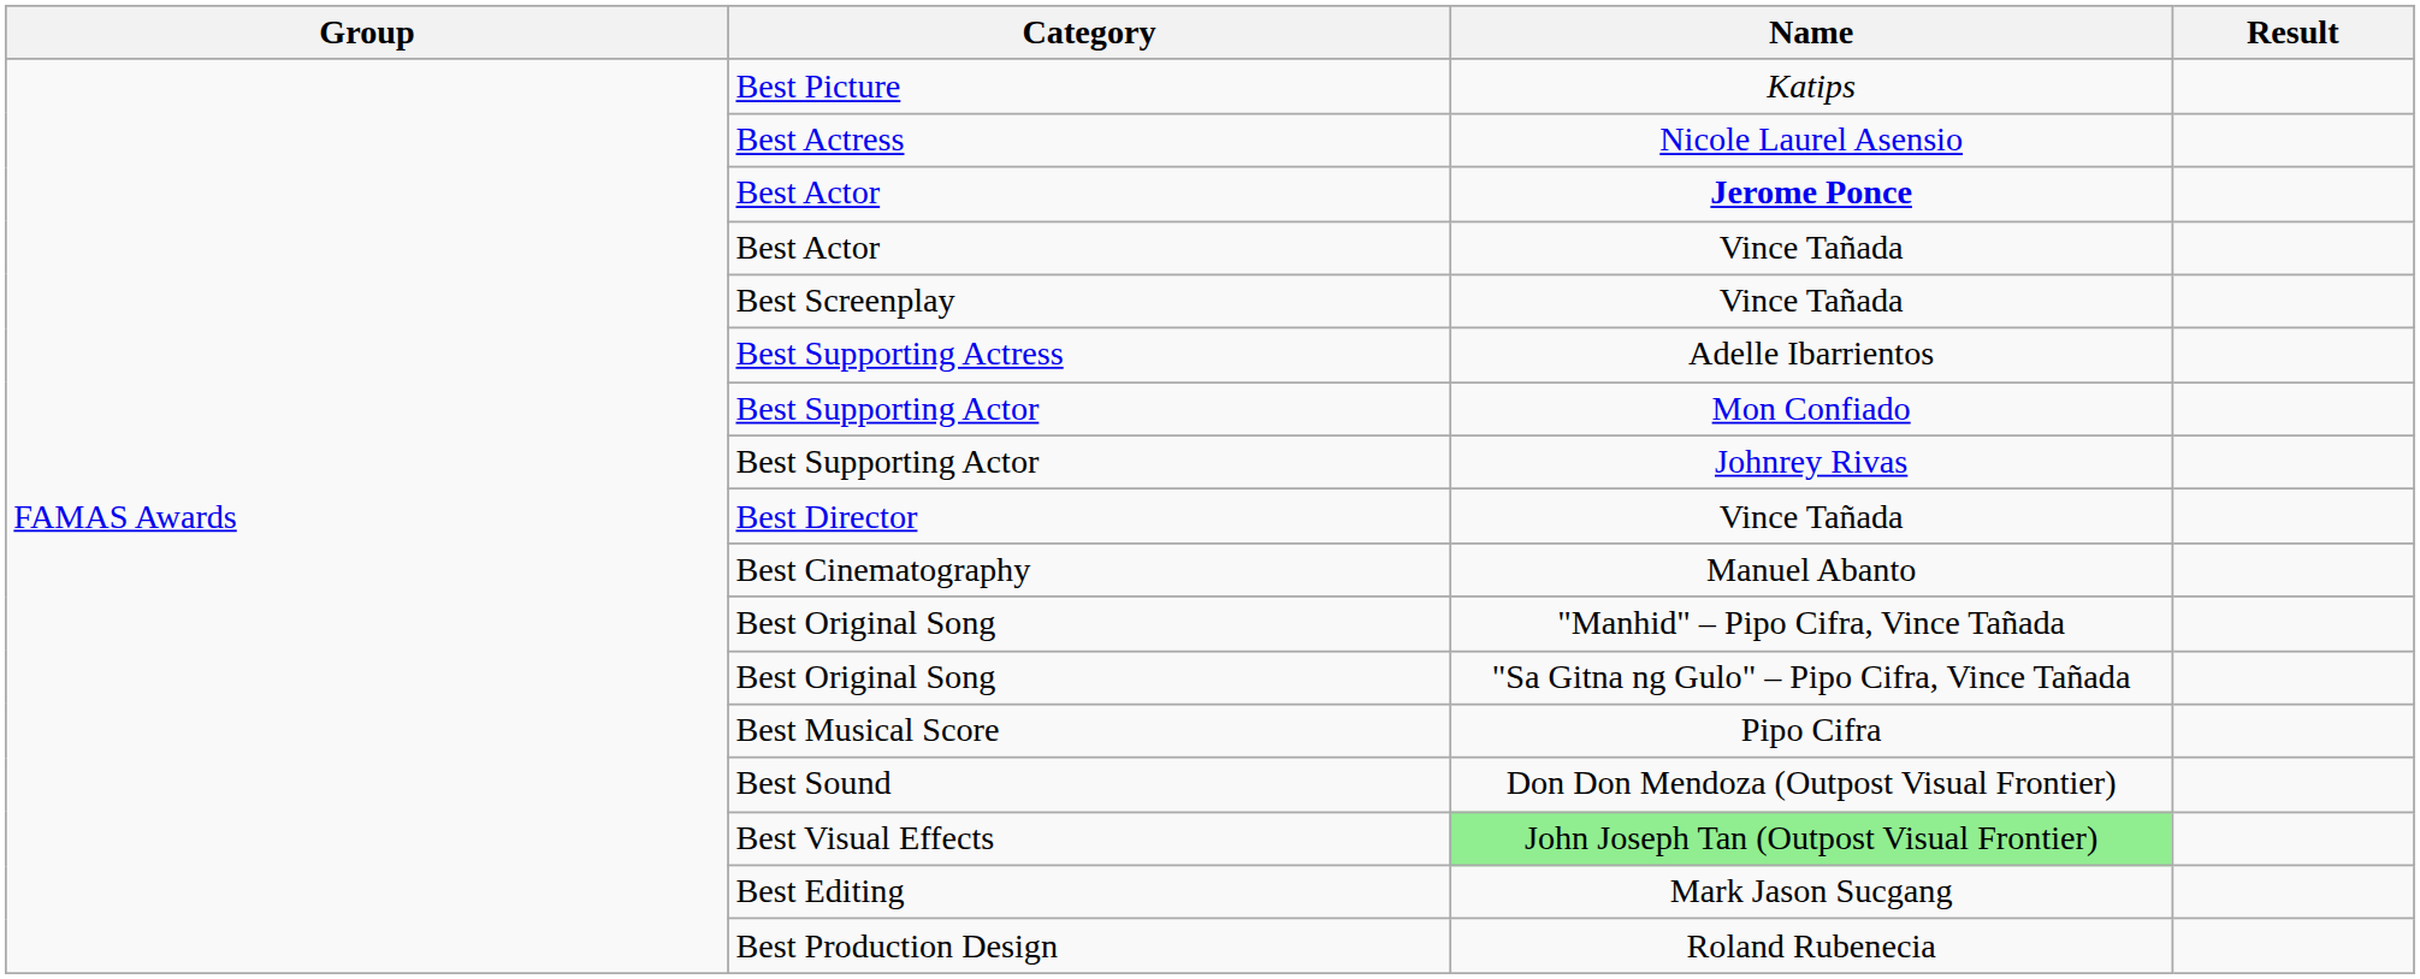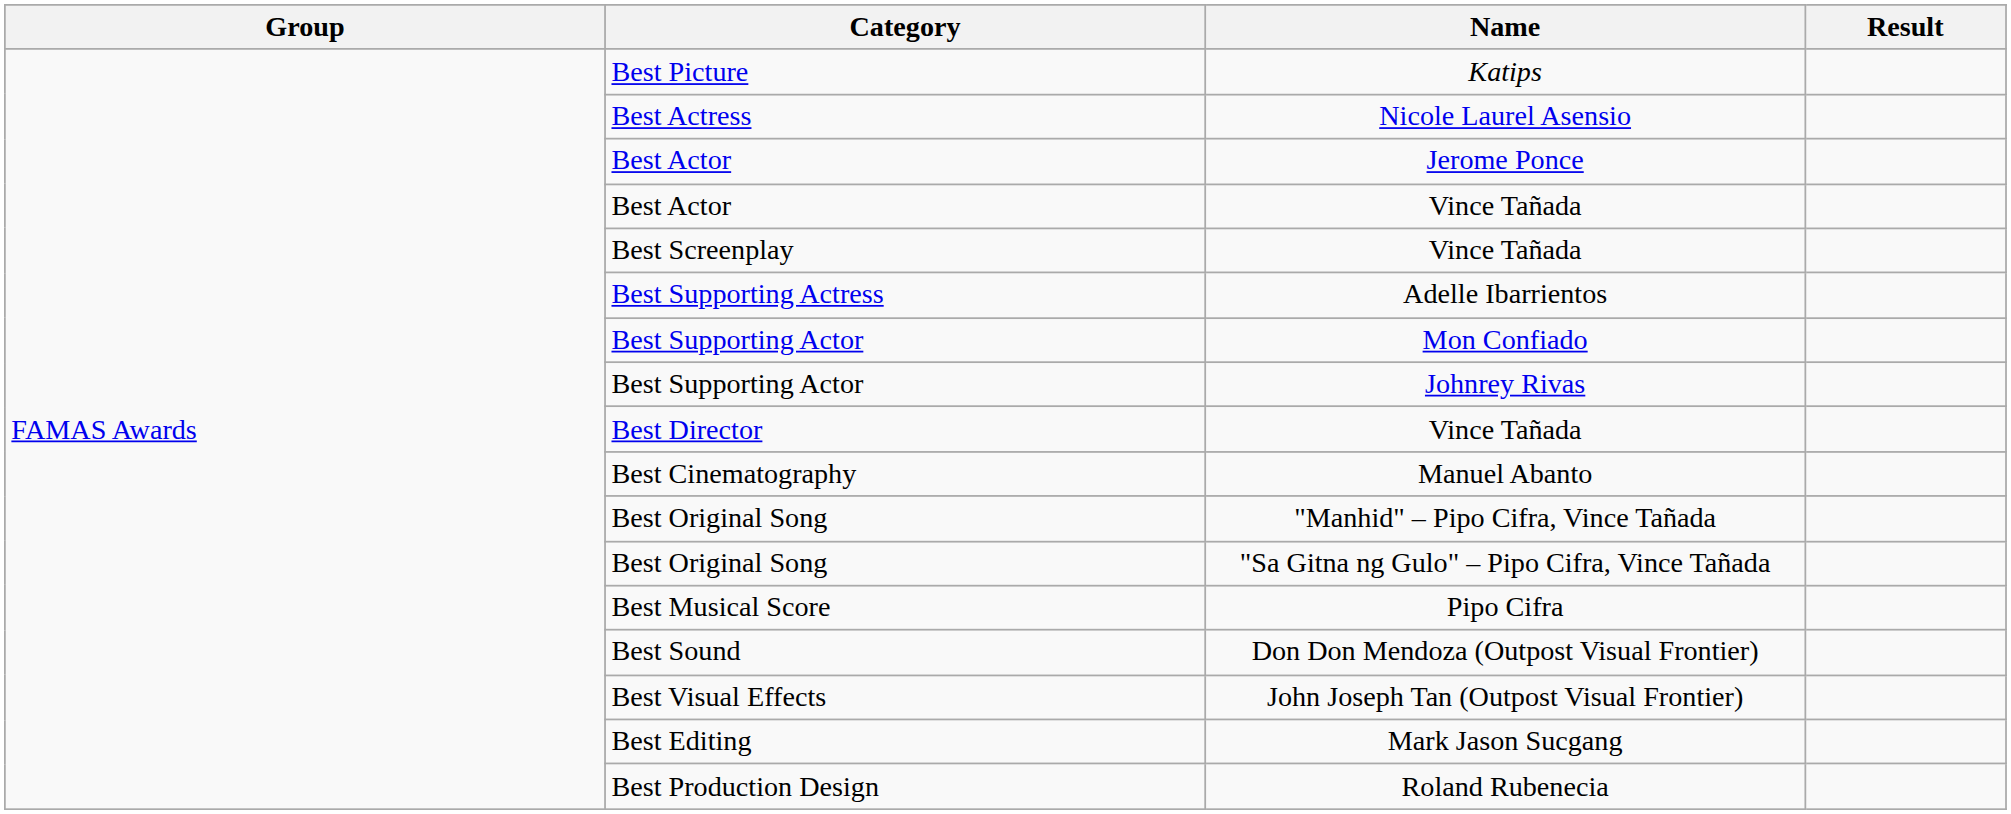 <table class="wikitable sortable" width="90%" |>
 <tr>
 <th width="30%">Group</th>
 <th width="30%">Category</th>
 <th width="30%">Name</th>
 <th width="10%">Result</th>
 </tr>
 <tr>
 <td rowspan="17" align="left"><a href='#'>FAMAS Awards</a></td>
 <td><a href='#'>Best Picture</a></td>
 <td align="center"><em>Katips</em></td>
 <td></td>
 </tr>
 <tr>
 <td><a href='#'>Best Actress</a></td>
 <td align="center"><a href='#'>Nicole Laurel Asensio</a></td>
 <td></td>
 </tr>
 <tr>
 <td><a href='#'>Best Actor</a></td>
-<td align="center"><strong><a href='#'>Jerome Ponce</a></strong></td>
+<td align="center"><a href='#'>Jerome Ponce</a></td>
 <td></td>
 </tr>
 <tr>
 <td>Best Actor</td>
 <td align="center">Vince Tañada</td>
 <td></td>
 </tr>
 <tr>
 <td>Best Screenplay</td>
 <td align="center">Vince Tañada</td>
 <td></td>
 </tr>
 <tr>
 <td><a href='#'>Best Supporting Actress</a></td>
 <td align="center">Adelle Ibarrientos</td>
 <td></td>
 </tr>
 <tr>
 <td><a href='#'>Best Supporting Actor</a></td>
 <td align="center"><a href='#'>Mon Confiado</a></td>
 <td></td>
 </tr>
 <tr>
 <td>Best Supporting Actor</td>
 <td align="center"><a href='#'>Johnrey Rivas</a></td>
 <td></td>
 </tr>
 <tr>
 <td><a href='#'>Best Director</a></td>
 <td align="center">Vince Tañada</td>
 <td></td>
 </tr>
 <tr>
 <td>Best Cinematography</td>
 <td align="center">Manuel Abanto</td>
 <td></td>
 </tr>
 <tr>
 <td>Best Original Song</td>
 <td align="center">"Manhid" – Pipo Cifra, Vince Tañada</td>
 <td></td>
 </tr>
 <tr>
 <td>Best Original Song</td>
 <td align="center">"Sa Gitna ng Gulo" – Pipo Cifra, Vince Tañada</td>
 <td></td>
 </tr>
 <tr>
 <td>Best Musical Score</td>
 <td align="center">Pipo Cifra</td>
 <td></td>
 </tr>
 <tr>
 <td>Best Sound</td>
 <td align="center">Don Don Mendoza (Outpost Visual Frontier)</td>
 <td></td>
 </tr>
 <tr>
 <td>Best Visual Effects</td>
-<td align="center" style="background: lightgreen;">John Joseph Tan (Outpost Visual Frontier)</td>
+<td align="center">John Joseph Tan (Outpost Visual Frontier)</td>
 <td></td>
 </tr>
 <tr>
 <td>Best Editing</td>
 <td align="center">Mark Jason Sucgang</td>
 <td></td>
 </tr>
 <tr>
 <td>Best Production Design</td>
 <td align="center">Roland Rubenecia</td>
 <td></td>
 </tr>
 </table>
